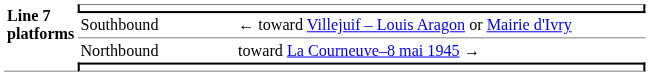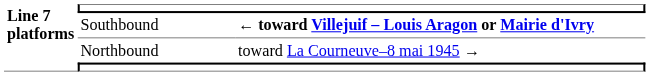 <table border=0 cellspacing=0 cellpadding=3>
 <tr>
 <td style="border-bottom:solid 1px gray;" width=50 rowspan=10 valign=top><strong>Line 7 platforms</strong></td>
 <td style="border-top:solid 1px gray;border-right:solid 2px black;border-left:solid 2px black;border-bottom:solid 2px black;text-align:center;" colspan=2></td>
 </tr>
 <tr>
 <td style="border-bottom:solid 1px gray;" width=150>Southbound</td>
-<td style="border-bottom:solid 1px gray;" width=400>←   toward <a href='#'>Villejuif – Louis Aragon</a> or <a href='#'>Mairie d'Ivry</a> </td>
+<td style="border-bottom:solid 1px gray;" width=400><strong>←   toward <a href='#'>Villejuif – Louis Aragon</a> or <a href='#'>Mairie d'Ivry</a> </strong></td>
 </tr>
 <tr>
 <td>Northbound</td>
 <td>   toward <a href='#'>La Courneuve–8 mai 1945</a>  →</td>
 </tr>
 <tr>
 <td style="border-top:solid 2px black;border-right:solid 2px black;border-left:solid 2px black;border-bottom:solid 1px gray;text-align:center;" colspan=2></td>
 </tr>
 </table>
